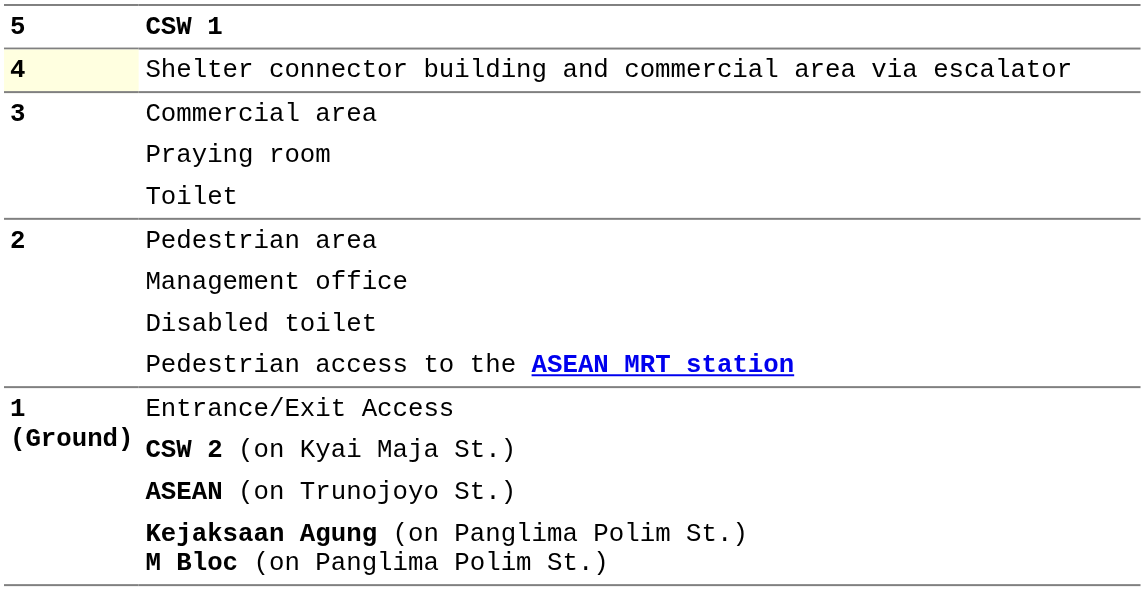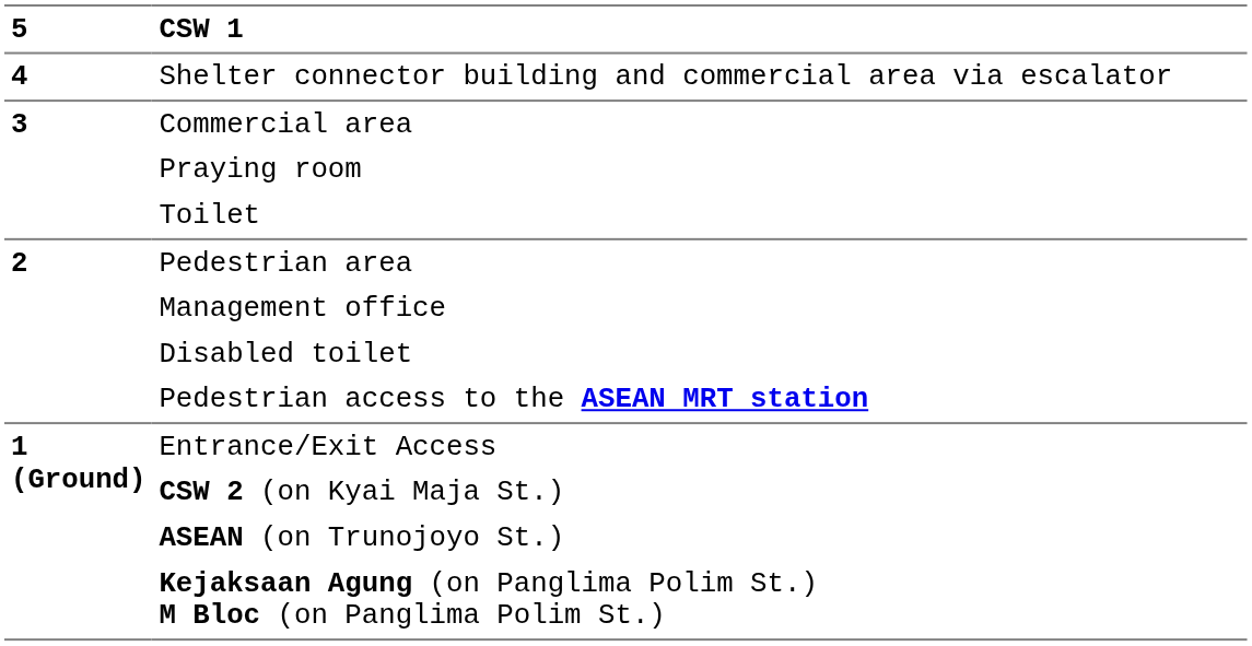 <table border=0 cellspacing=0 cellpadding=3>
 <tr>
 <td style="border-bottom:solid 1px gray;border-top:solid 1px gray;width:50px;vertical-align:top;"><strong>5</strong></td>
 <td style="border-top:solid 1px gray;border-bottom:solid 1px gray;width:500px;vertical-align:top;">    <strong>CSW 1</strong></td>
 </tr>
 <tr>
-<td style="background: lightyellow; border-bottom:solid 1px gray;vertical-align:top;"><strong>4</strong></td>
+<td style="border-bottom:solid 1px gray;vertical-align:top;"><strong>4</strong></td>
 <td style="border-bottom:solid 1px gray;">Shelter connector building and commercial area via escalator</td>
 </tr>
 <tr>
 <td rowspan="3" style="border-bottom:solid 1px gray;vertical-align:top;"><strong>3</strong></td>
 <td>Commercial area</td>
 </tr>
 <tr>
 <td>Praying room</td>
 </tr>
 <tr>
 <td style="border-bottom:solid 1px gray;">Toilet</td>
 </tr>
 <tr>
 <td rowspan="4" style="border-bottom:solid 1px gray;vertical-align:top;"><strong>2</strong></td>
 <td>Pedestrian area</td>
 </tr>
 <tr>
 <td>Management office</td>
 </tr>
 <tr>
 <td>Disabled toilet</td>
 </tr>
 <tr>
 <td style="border-bottom:solid 1px gray;">Pedestrian access to the  <strong><a href='#'>ASEAN MRT station</a></strong></td>
 </tr>
 <tr>
 <td rowspan="5" style="border-bottom:solid 1px gray;vertical-align:top;"><strong>1 (Ground)</strong></td>
 <td>Entrance/Exit Access</td>
 </tr>
 <tr>
 <td>      <strong>CSW 2</strong> (on Kyai Maja St.)</td>
 </tr>
 <tr>
 <td>     <strong>ASEAN</strong> (on Trunojoyo St.)</td>
 </tr>
 <tr>
 <td style="border-bottom:solid 1px gray;">       <strong>Kejaksaan Agung</strong> (on Panglima Polim St.)<br>  <strong>M Bloc</strong> (on Panglima Polim St.)</td>
 </tr>
 </table>
